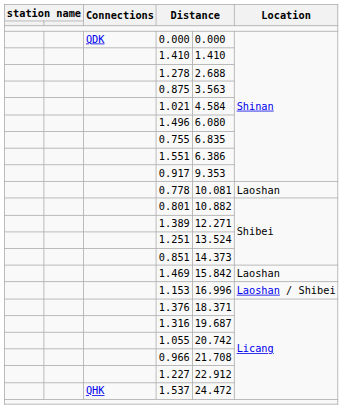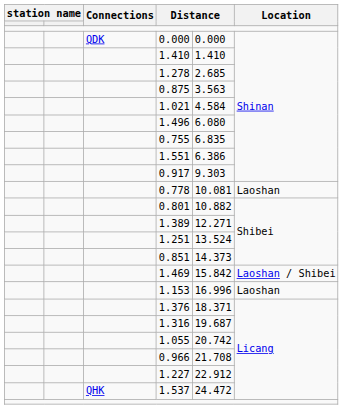 <table class="wikitable">
 <tr>
 <th colspan=2>station name</th>
 <th rowspan=2>Connections</th>
 <th colspan="2" rowspan="2">Distance<br></th>
 <th rowspan=2>Location</th>
 </tr>
 <tr>
 <th></th>
 <th></th>
 </tr>
 <tr style="background:#">
 <td colspan = "6"></td>
 </tr>
 <tr>
 <td></td>
 <td></td>
 <td>  <a href='#'>QDK</a></td>
 <td>0.000</td>
 <td>0.000</td>
 <td rowspan="9"><a href='#'>Shinan</a></td>
 </tr>
 <tr>
 <td></td>
 <td></td>
 <td></td>
 <td>1.410</td>
 <td>1.410</td>
 </tr>
 <tr>
 <td></td>
 <td></td>
 <td></td>
 <td>1.278</td>
-<td>2.688</td>
+<td>2.685</td>
 </tr>
 <tr>
 <td></td>
 <td></td>
 <td></td>
 <td>0.875</td>
 <td>3.563</td>
 </tr>
 <tr>
 <td></td>
 <td></td>
 <td></td>
 <td>1.021</td>
 <td>4.584</td>
 </tr>
 <tr>
 <td></td>
 <td></td>
 <td></td>
 <td>1.496</td>
 <td>6.080</td>
 </tr>
 <tr>
 <td></td>
 <td></td>
 <td> </td>
 <td>0.755</td>
 <td>6.835</td>
 </tr>
 <tr>
 <td></td>
 <td></td>
 <td></td>
 <td>1.551</td>
 <td>6.386</td>
 </tr>
 <tr>
 <td></td>
 <td></td>
 <td></td>
 <td>0.917</td>
-<td>9.353</td>
+<td>9.303</td>
 </tr>
 <tr>
 <td></td>
 <td></td>
 <td></td>
 <td>0.778</td>
 <td>10.081</td>
 <td>Laoshan</td>
 </tr>
 <tr>
 <td></td>
 <td></td>
 <td></td>
 <td>0.801</td>
 <td>10.882</td>
 <td rowspan="4">Shibei</td>
 </tr>
 <tr>
 <td></td>
 <td></td>
 <td></td>
 <td>1.389</td>
 <td>12.271</td>
 </tr>
 <tr>
 <td></td>
 <td></td>
 <td></td>
 <td>1.251</td>
 <td>13.524</td>
 </tr>
 <tr>
 <td></td>
 <td></td>
 <td></td>
 <td>0.851</td>
 <td>14.373</td>
 </tr>
 <tr>
 <td></td>
 <td></td>
 <td></td>
 <td>1.469</td>
 <td>15.842</td>
-<td>Laoshan</td>
+<td><a href='#'>Laoshan</a> / Shibei</td>
 </tr>
 <tr>
 <td></td>
 <td></td>
 <td></td>
 <td>1.153</td>
 <td>16.996</td>
-<td><a href='#'>Laoshan</a> / Shibei</td>
+<td>Laoshan</td>
 </tr>
 <tr>
 <td></td>
 <td></td>
 <td></td>
 <td>1.376</td>
 <td>18.371</td>
 <td rowspan="6"><a href='#'>Licang</a></td>
 </tr>
 <tr>
 <td></td>
 <td></td>
 <td></td>
 <td>1.316</td>
 <td>19.687</td>
 </tr>
 <tr>
 <td></td>
 <td></td>
 <td></td>
 <td>1.055</td>
 <td>20.742</td>
 </tr>
 <tr>
 <td></td>
 <td></td>
 <td></td>
 <td>0.966</td>
 <td>21.708</td>
 </tr>
 <tr>
 <td></td>
 <td></td>
 <td></td>
 <td>1.227</td>
 <td>22.912</td>
 </tr>
 <tr>
 <td></td>
 <td></td>
 <td>    <a href='#'>QHK</a></td>
 <td>1.537</td>
 <td>24.472</td>
 </tr>
 <tr style="background:#">
 <td colspan = "6"></td>
 </tr>
 </table>
